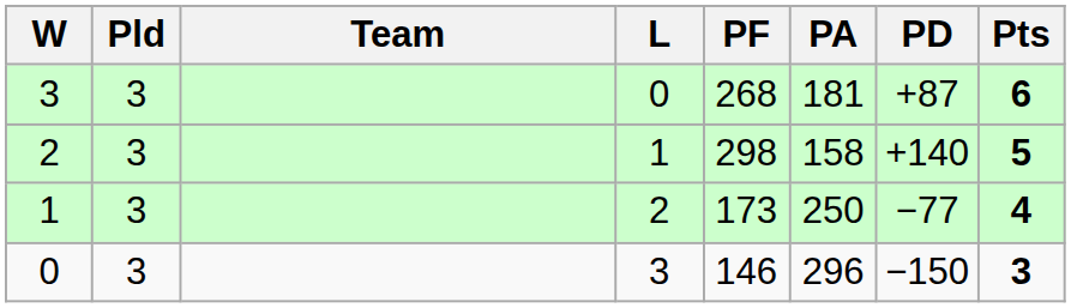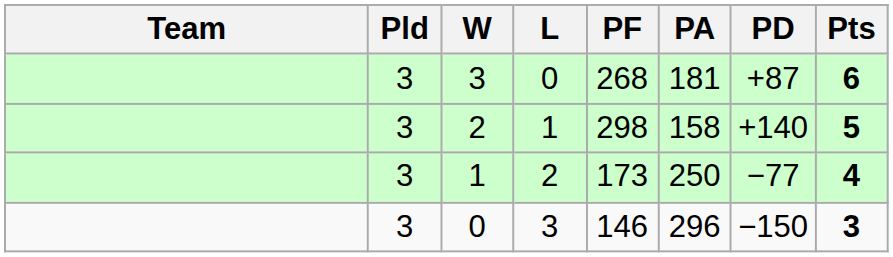 <table class=wikitable style="text-align:center">
 <tr>
+<th width=180>Team</th>
+<th width=30>Pld</th>
 <th width=30>W</th>
-<th width=30>Pld</th>
-<th width=180>Team</th>
 <th width=30>L</th>
 <th width=30>PF</th>
 <th width=30>PA</th>
 <th width=30>PD</th>
 <th width=30>Pts</th>
 </tr>
 <tr align=center bgcolor="#ccffcc">
+<td align=left></td>
 <td>3</td>
 <td>3</td>
-<td align=left></td>
 <td>0</td>
 <td>268</td>
 <td>181</td>
 <td>+87</td>
 <td><strong>6</strong></td>
 </tr>
 <tr align=center bgcolor="#ccffcc">
+<td align=left></td>
+<td>3</td>
 <td>2</td>
-<td>3</td>
-<td align=left></td>
 <td>1</td>
 <td>298</td>
 <td>158</td>
 <td>+140</td>
 <td><strong>5</strong></td>
 </tr>
 <tr align=center bgcolor="#ccffcc">
+<td align=left></td>
+<td>3</td>
 <td>1</td>
-<td>3</td>
-<td align=left></td>
 <td>2</td>
 <td>173</td>
 <td>250</td>
 <td>−77</td>
 <td><strong>4</strong></td>
 </tr>
 <tr align=center>
+<td align=left></td>
+<td>3</td>
 <td>0</td>
-<td>3</td>
-<td align=left></td>
 <td>3</td>
 <td>146</td>
 <td>296</td>
 <td>−150</td>
 <td><strong>3</strong></td>
 </tr>
 </table>
